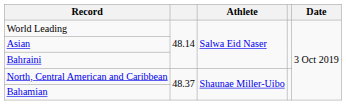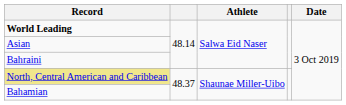 <table class="wikitable">
 <tr>
 <th>Record</th>
 <th></th>
 <th>Athlete</th>
 <th></th>
 <th>Date</th>
 </tr>
 <tr>
-<td>World Leading</td>
+<td><strong>World Leading</strong></td>
 <td rowspan=3>48.14</td>
 <td rowspan=3><a href='#'>Salwa Eid Naser</a></td>
 <td rowspan=3></td>
 <td rowspan=5 align=right>3 Oct 2019</td>
 </tr>
 <tr>
 <td><a href='#'>Asian</a></td>
 </tr>
 <tr>
 <td><a href='#'>Bahraini</a></td>
 </tr>
 <tr>
-<td><a href='#'>North, Central American and Caribbean</a></td>
+<td style="background: khaki;"><a href='#'>North, Central American and Caribbean</a></td>
 <td rowspan=2>48.37</td>
 <td rowspan=2><a href='#'>Shaunae Miller-Uibo</a></td>
 <td rowspan=2></td>
 </tr>
 <tr>
 <td><a href='#'>Bahamian</a></td>
 </tr>
 </table>
